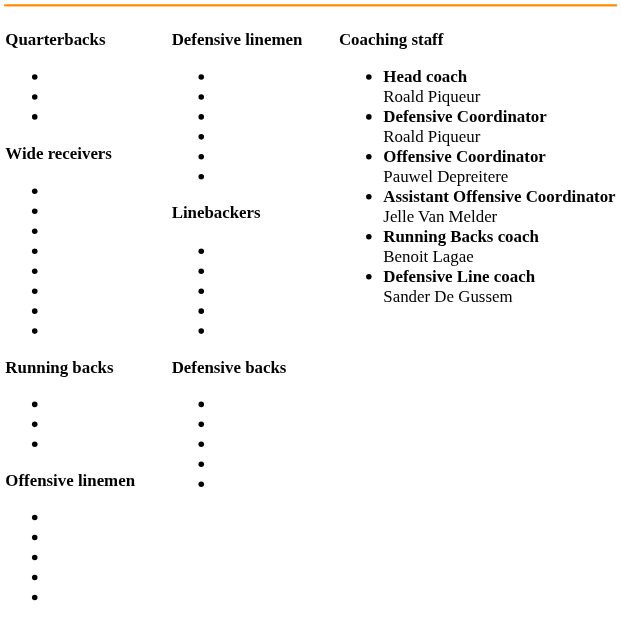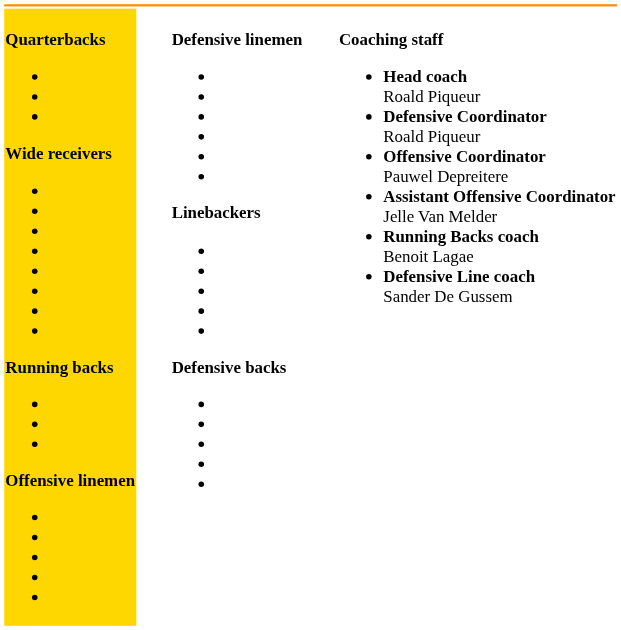 <table class="toccolours" style="text-align: left;">
 <tr>
 <th colspan="7" style="background-color:#FF8C00;"></th>
 </tr>
 <tr>
-<td style="font-size: 95%;" valign="top"><br><strong>Quarterbacks</strong><ul><li></li><li></li><li></li></ul><strong>Wide receivers</strong><ul><li></li><li></li><li></li><li></li><li></li><li></li><li></li><li></li></ul><strong>Running backs</strong><ul><li></li><li></li><li></li></ul><strong>Offensive linemen</strong><ul><li></li><li></li><li></li><li></li><li></li></ul></td>
+<td style="background: gold; font-size: 95%;" valign="top"><br><strong>Quarterbacks</strong><ul><li></li><li></li><li></li></ul><strong>Wide receivers</strong><ul><li></li><li></li><li></li><li></li><li></li><li></li><li></li><li></li></ul><strong>Running backs</strong><ul><li></li><li></li><li></li></ul><strong>Offensive linemen</strong><ul><li></li><li></li><li></li><li></li><li></li></ul></td>
 <td style="width: 25px;"></td>
 <td style="font-size: 95%;" valign="top"><br><strong>Defensive linemen</strong><ul><li></li><li></li><li></li><li></li><li></li><li></li></ul><strong>Linebackers</strong><ul><li></li><li></li><li></li><li></li><li></li></ul><strong>Defensive backs</strong><ul><li></li><li></li><li></li><li></li><li></li></ul></td>
 <td style="width: 25px;"></td>
 <td style="font-size: 95%;" valign="top"><br><strong>Coaching staff</strong><ul><li><strong>Head coach</strong><br>Roald Piqueur</li><li><strong>Defensive Coordinator</strong><br>Roald Piqueur</li><li><strong>Offensive Coordinator</strong><br>Pauwel Depreitere</li><li><strong>Assistant Offensive Coordinator</strong><br>Jelle Van Melder</li><li><strong>Running Backs coach</strong><br>Benoit Lagae</li><li><strong>Defensive Line coach</strong><br>Sander De Gussem</li></ul></td>
 </tr>
 </table>
